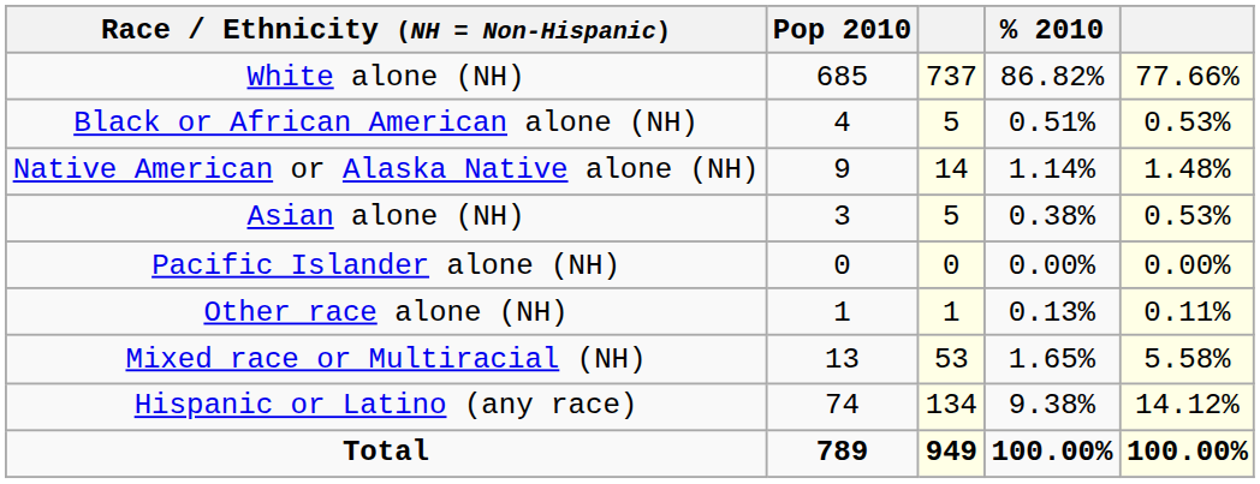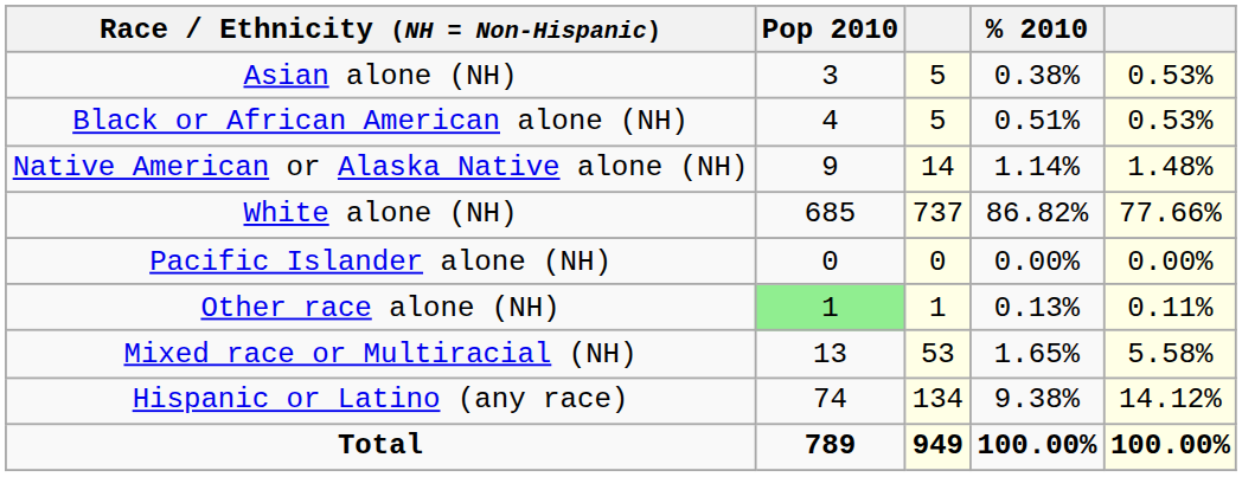 <table class="wikitable" style="text-align:center;">
 <tr>
 <th>Race / Ethnicity <small>(<em>NH = Non-Hispanic</em>)</small></th>
 <th>Pop 2010</th>
 <th></th>
 <th>% 2010</th>
 <th></th>
 </tr>
 <tr>
-<td><a href='#'>White</a> alone (NH)</td>
-<td>685</td>
-<td style='background: #ffffe6;'>737</td>
-<td>86.82%</td>
-<td style='background: #ffffe6;'>77.66%</td>
+<td><a href='#'>Asian</a> alone (NH)</td>
+<td>3</td>
+<td style='background: #ffffe6;'>5</td>
+<td>0.38%</td>
+<td style='background: #ffffe6;'>0.53%</td>
 </tr>
 <tr>
 <td><a href='#'>Black or African American</a> alone (NH)</td>
 <td>4</td>
 <td style='background: #ffffe6;'>5</td>
 <td>0.51%</td>
 <td style='background: #ffffe6;'>0.53%</td>
 </tr>
 <tr>
 <td><a href='#'>Native American</a> or <a href='#'>Alaska Native</a> alone (NH)</td>
 <td>9</td>
 <td style='background: #ffffe6;'>14</td>
 <td>1.14%</td>
 <td style='background: #ffffe6;'>1.48%</td>
 </tr>
 <tr>
-<td><a href='#'>Asian</a> alone (NH)</td>
-<td>3</td>
-<td style='background: #ffffe6;'>5</td>
-<td>0.38%</td>
-<td style='background: #ffffe6;'>0.53%</td>
+<td><a href='#'>White</a> alone (NH)</td>
+<td>685</td>
+<td style='background: #ffffe6;'>737</td>
+<td>86.82%</td>
+<td style='background: #ffffe6;'>77.66%</td>
 </tr>
 <tr>
 <td><a href='#'>Pacific Islander</a> alone (NH)</td>
 <td>0</td>
 <td style='background: #ffffe6;'>0</td>
 <td>0.00%</td>
 <td style='background: #ffffe6;'>0.00%</td>
 </tr>
 <tr>
 <td><a href='#'>Other race</a> alone (NH)</td>
-<td>1</td>
+<td style="background: lightgreen;">1</td>
 <td style='background: #ffffe6;'>1</td>
 <td>0.13%</td>
 <td style='background: #ffffe6;'>0.11%</td>
 </tr>
 <tr>
 <td><a href='#'>Mixed race or Multiracial</a> (NH)</td>
 <td>13</td>
 <td style='background: #ffffe6;'>53</td>
 <td>1.65%</td>
 <td style='background: #ffffe6;'>5.58%</td>
 </tr>
 <tr>
 <td><a href='#'>Hispanic or Latino</a> (any race)</td>
 <td>74</td>
 <td style='background: #ffffe6;'>134</td>
 <td>9.38%</td>
 <td style='background: #ffffe6;'>14.12%</td>
 </tr>
 <tr>
 <td><strong>Total</strong></td>
 <td><strong>789</strong></td>
 <td style='background: #ffffe6;'><strong>949</strong></td>
 <td><strong>100.00%</strong></td>
 <td style='background: #ffffe6;'><strong>100.00%</strong></td>
 </tr>
 </table>
